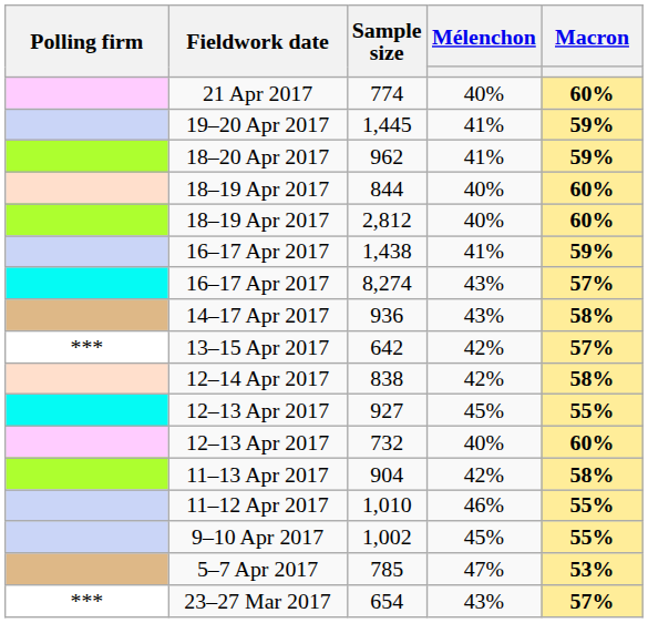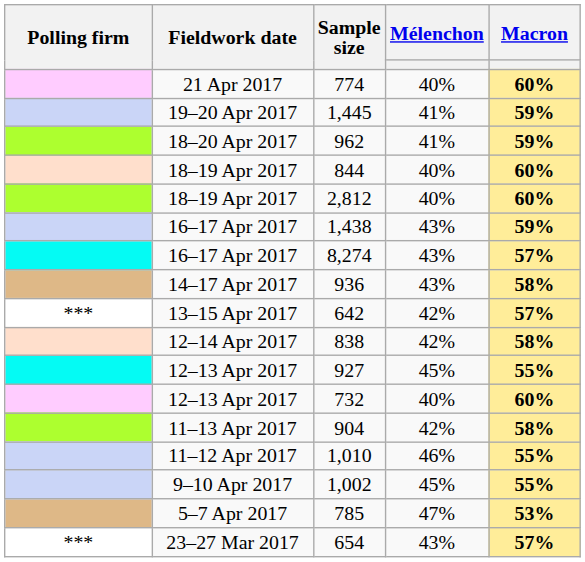 <table class="wikitable sortable" style="text-align:center;font-size:90%;line-height:14px;">
 <tr style="height:40px;">
 <th style="width:100px;" rowspan="2">Polling firm</th>
 <th style="width:110px;" rowspan="2">Fieldwork date</th>
 <th style="width:35px;" rowspan="2">Sample<br>size</th>
 <th class="unsortable" style="width:60px;"><a href='#'>Mélenchon</a><br></th>
 <th class="unsortable" style="width:60px;"><a href='#'>Macron</a><br></th>
 </tr>
 <tr>
 <th style="background:"></th>
 <th style="background:"></th>
 </tr>
 <tr>
 <td style="background:#FFCCFF;"></td>
 <td data-sort-value="2017-04-21">21 Apr 2017</td>
 <td>774</td>
 <td>40%</td>
 <td style="background:#FFED99;"><strong>60%</strong></td>
 </tr>
 <tr>
 <td style="background:#CAD5F7;"></td>
 <td data-sort-value="2017-04-20">19–20 Apr 2017</td>
 <td>1,445</td>
 <td>41%</td>
 <td style="background:#FFED99;"><strong>59%</strong></td>
 </tr>
 <tr>
 <td style="background:GreenYellow;"></td>
 <td data-sort-value="2017-04-20">18–20 Apr 2017</td>
 <td>962</td>
 <td>41%</td>
 <td style="background:#FFED99;"><strong>59%</strong></td>
 </tr>
 <tr>
 <td style="background:#FFDFCC;"> </td>
 <td data-sort-value="2017-04-19">18–19 Apr 2017</td>
 <td>844</td>
 <td>40%</td>
 <td style="background:#FFED99;"><strong>60%</strong></td>
 </tr>
 <tr>
 <td style="background:GreenYellow;"></td>
 <td data-sort-value="2017-04-19">18–19 Apr 2017</td>
 <td>2,812</td>
 <td>40%</td>
 <td style="background:#FFED99;"><strong>60%</strong></td>
 </tr>
 <tr>
 <td style="background:#CAD5F7;"></td>
 <td data-sort-value="2017-04-17">16–17 Apr 2017</td>
 <td>1,438</td>
-<td>41%</td>
+<td>43%</td>
 <td style="background:#FFED99;"><strong>59%</strong></td>
 </tr>
 <tr>
 <td style="background:#04FBF4;"></td>
 <td data-sort-value="2017-04-17">16–17 Apr 2017</td>
 <td>8,274</td>
 <td>43%</td>
 <td style="background:#FFED99;"><strong>57%</strong></td>
 </tr>
 <tr>
 <td style="background:burlywood;"> </td>
 <td data-sort-value="2017-04-17">14–17 Apr 2017</td>
 <td>936</td>
 <td>43%</td>
 <td style="background:#FFED99;"><strong>58%</strong></td>
 </tr>
 <tr>
 <td style="background:#FFFFFF;">***</td>
 <td data-sort-value="2017-04-15">13–15 Apr 2017</td>
 <td>642</td>
 <td>42%</td>
 <td style="background:#FFED99;"><strong>57%</strong></td>
 </tr>
 <tr>
 <td style="background:#FFDFCC;"></td>
 <td data-sort-value="2017-04-14">12–14 Apr 2017</td>
 <td>838</td>
 <td>42%</td>
 <td style="background:#FFED99;"><strong>58%</strong></td>
 </tr>
 <tr>
 <td style="background:#04FBF4;"></td>
 <td data-sort-value="2017-04-13">12–13 Apr 2017</td>
 <td>927</td>
 <td>45%</td>
 <td style="background:#FFED99;"><strong>55%</strong></td>
 </tr>
 <tr>
 <td style="background:#FFCCFF;"></td>
 <td data-sort-value="2017-04-13">12–13 Apr 2017</td>
 <td>732</td>
 <td>40%</td>
 <td style="background:#FFED99;"><strong>60%</strong></td>
 </tr>
 <tr>
 <td style="background:GreenYellow;"> </td>
 <td data-sort-value="2017-04-13">11–13 Apr 2017</td>
 <td>904</td>
 <td>42%</td>
 <td style="background:#FFED99;"><strong>58%</strong></td>
 </tr>
 <tr>
 <td style="background:#CAD5F7;"></td>
 <td data-sort-value="2017-04-12">11–12 Apr 2017</td>
 <td>1,010</td>
 <td>46%</td>
 <td style="background:#FFED99;"><strong>55%</strong></td>
 </tr>
 <tr>
 <td style="background:#CAD5F7;"></td>
 <td data-sort-value="2017-04-10">9–10 Apr 2017</td>
 <td>1,002</td>
 <td>45%</td>
 <td style="background:#FFED99;"><strong>55%</strong></td>
 </tr>
 <tr>
 <td style="background:burlywood;"> </td>
 <td data-sort-value="2017-04-07">5–7 Apr 2017</td>
 <td>785</td>
 <td>47%</td>
 <td style="background:#FFED99;"><strong>53%</strong></td>
 </tr>
 <tr>
 <td style="background:#FFFFFF;">***</td>
 <td data-sort-value="2017-03-27">23–27 Mar 2017</td>
 <td>654</td>
 <td>43%</td>
 <td style="background:#FFED99;"><strong>57%</strong></td>
 </tr>
 </table>
